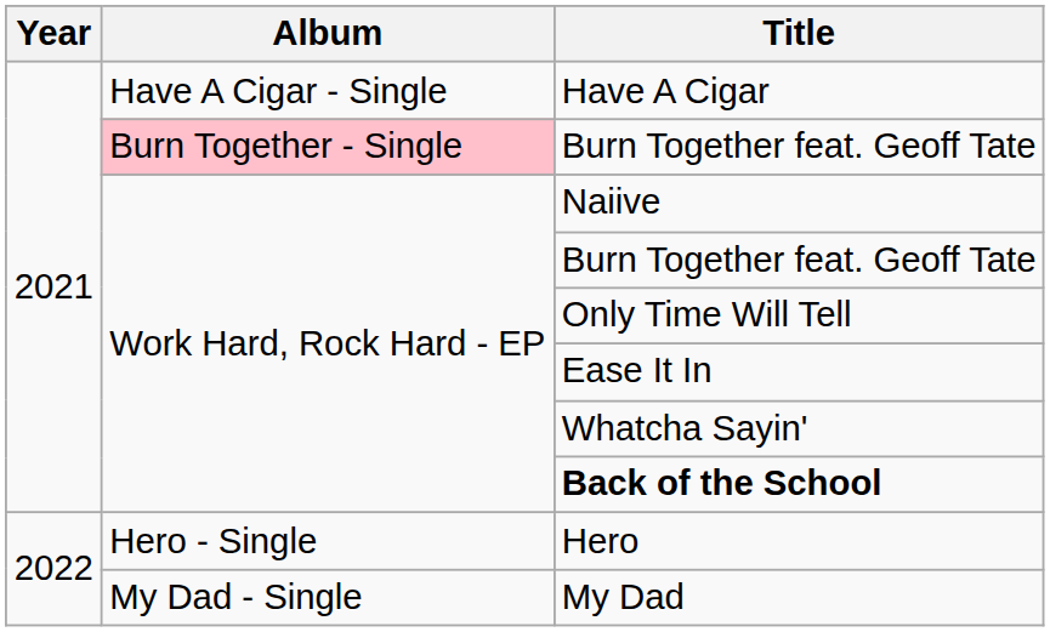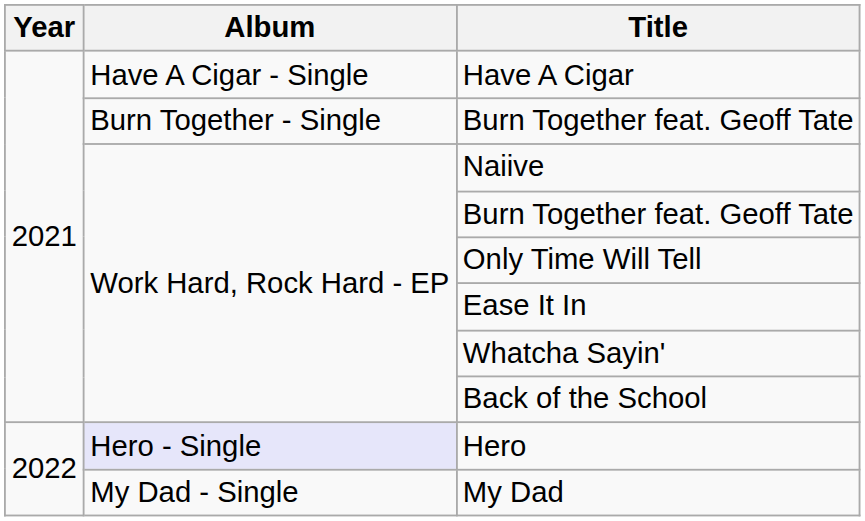 <table class="wikitable">
 <tr>
 <th>Year</th>
 <th>Album</th>
 <th>Title</th>
 </tr>
 <tr>
 <td rowspan="8">2021</td>
 <td>Have A Cigar - Single</td>
 <td>Have A Cigar</td>
 </tr>
 <tr>
-<td style="background: pink;">Burn Together - Single</td>
+<td>Burn Together - Single</td>
 <td>Burn Together feat. Geoff Tate</td>
 </tr>
 <tr>
 <td rowspan="6">Work Hard, Rock Hard - EP</td>
 <td>Naiive</td>
 </tr>
 <tr>
 <td>Burn Together feat. Geoff Tate</td>
 </tr>
 <tr>
 <td>Only Time Will Tell</td>
 </tr>
 <tr>
 <td>Ease It In</td>
 </tr>
 <tr>
 <td>Whatcha Sayin'</td>
 </tr>
 <tr>
-<td><strong>Back of the School</strong></td>
+<td>Back of the School</td>
 </tr>
 <tr>
 <td rowspan="2">2022</td>
-<td>Hero - Single</td>
+<td style="background: lavender;">Hero - Single</td>
 <td>Hero</td>
 </tr>
 <tr>
 <td>My Dad - Single</td>
 <td>My Dad</td>
 </tr>
 </table>
